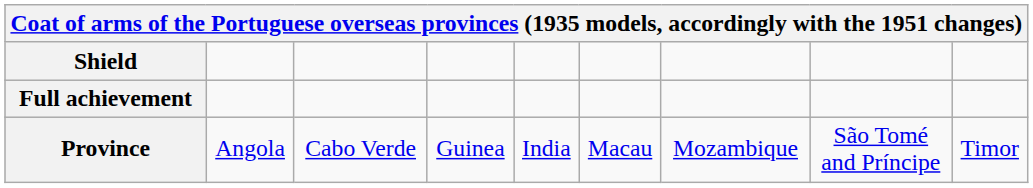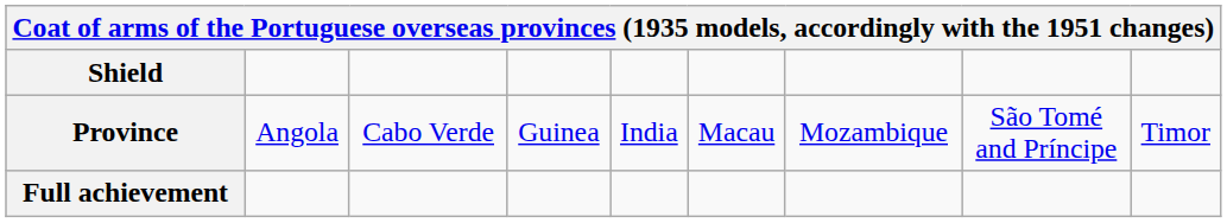 <table class="wikitable" style="margin:1em auto;">
 <tr>
 <th colspan=9><a href='#'>Coat of arms of the Portuguese overseas provinces</a> (1935 models, accordingly with the 1951 changes)</th>
 </tr>
 <tr>
 <th>Shield</th>
-<td align=center></td>
-<td align=center></td>
-<td align=center></td>
-<td align=center></td>
-<td align=center></td>
-<td align=center></td>
-<td align=center></td>
-<td align=center></td>
-</tr>
-<tr>
-<th>Full achievement</th>
 <td align=center></td>
 <td align=center></td>
 <td align=center></td>
 <td align=center></td>
 <td align=center></td>
 <td align=center></td>
 <td align=center></td>
 <td align=center></td>
 </tr>
 <tr>
 <th>Province</th>
 <td align=center><a href='#'>Angola</a></td>
 <td align=center><a href='#'>Cabo Verde</a></td>
 <td align=center><a href='#'>Guinea</a></td>
 <td align=center><a href='#'>India</a></td>
 <td align=center><a href='#'>Macau</a></td>
 <td align=center><a href='#'>Mozambique</a></td>
 <td align=center><a href='#'>São Tomé<br>and Príncipe</a></td>
 <td align=center><a href='#'>Timor</a></td>
 </tr>
+<tr>
+<th>Full achievement</th>
+<td align=center></td>
+<td align=center></td>
+<td align=center></td>
+<td align=center></td>
+<td align=center></td>
+<td align=center></td>
+<td align=center></td>
+<td align=center></td>
+</tr>
 </table>
